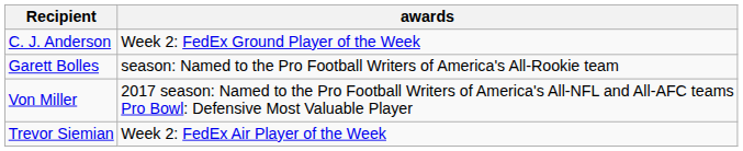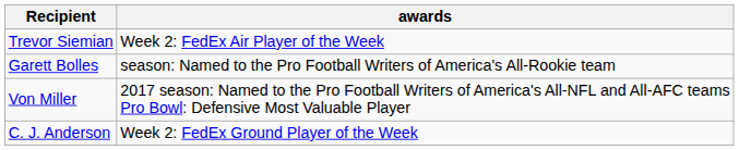 <table class="wikitable">
 <tr>
 <th>Recipient</th>
 <th>awards</th>
 </tr>
 <tr>
-<td><a href='#'>C. J. Anderson</a></td>
-<td>Week 2: <a href='#'>FedEx Ground Player of the Week</a></td>
+<td><a href='#'>Trevor Siemian</a></td>
+<td>Week 2: <a href='#'>FedEx Air Player of the Week</a></td>
 </tr>
 <tr>
 <td><a href='#'>Garett Bolles</a></td>
 <td> season: Named to the Pro Football Writers of America's All-Rookie team</td>
 </tr>
 <tr>
 <td><a href='#'>Von Miller</a></td>
 <td>2017 season: Named to the Pro Football Writers of America's All-NFL and All-AFC teams<br><a href='#'>Pro Bowl</a>: Defensive Most Valuable Player</td>
 </tr>
 <tr>
-<td><a href='#'>Trevor Siemian</a></td>
-<td>Week 2: <a href='#'>FedEx Air Player of the Week</a></td>
+<td><a href='#'>C. J. Anderson</a></td>
+<td>Week 2: <a href='#'>FedEx Ground Player of the Week</a></td>
 </tr>
 </table>
